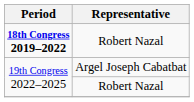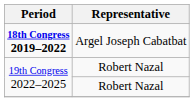 <table class="wikitable"; style="text-align:center">
 <tr>
 <th>Period</th>
 <th>Representative</th>
 </tr>
 <tr>
 <td><strong><small><a href='#'>18th Congress</a></small><br>2019–2022</strong></td>
-<td>Robert Nazal </td>
+<td>Argel Joseph Cabatbat</td>
 </tr>
 <tr>
 <td rowspan=2><small><a href='#'>19th Congress</a></small><br>2022–2025</td>
-<td>Argel Joseph Cabatbat </td>
+<td>Robert Nazal </td>
 </tr>
 <tr>
 <td>Robert Nazal </td>
 </tr>
 <tr>
 </tr>
 </table>
